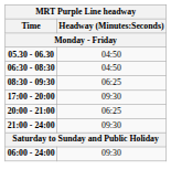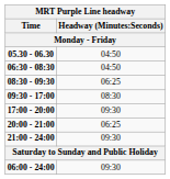 <table class="wikitable" style="margin:auto;font-align:center;text-align:center;font-size:80%;">
 <tr>
 <th colspan="2" style="background:#"><strong>MRT Purple Line headway</strong></th>
 </tr>
 <tr>
 <th style="background:#">Time</th>
 <th style="background:#">Headway (Minutes:Seconds)</th>
 </tr>
 <tr>
 <th colspan="2">Monday - Friday</th>
 </tr>
 <tr>
 <td><strong>05.30 - 06.30</strong></td>
 <td>04:50</td>
 </tr>
 <tr>
 <td><strong>06:30 - 08:30</strong></td>
 <td>04:50</td>
 </tr>
 <tr>
 <td><strong>08:30 - 09:30</strong></td>
 <td>06:25</td>
 </tr>
 <tr>
+<td><strong>09:30 - 17:00</strong></td>
+<td>08:30</td>
+</tr>
+<tr>
 <td><strong>17:00 - 20:00</strong></td>
 <td>09:30</td>
 </tr>
 <tr>
 <td><strong>20:00 - 21:00</strong></td>
 <td>06:25</td>
 </tr>
 <tr>
 <td><strong>21:00 - 24:00</strong></td>
 <td>09:30</td>
 </tr>
 <tr>
 <th colspan="2">Saturday to Sunday and Public Holiday</th>
 </tr>
 <tr>
 <td><strong>06:00 - 24:00</strong></td>
 <td>09:30</td>
 </tr>
 </table>
